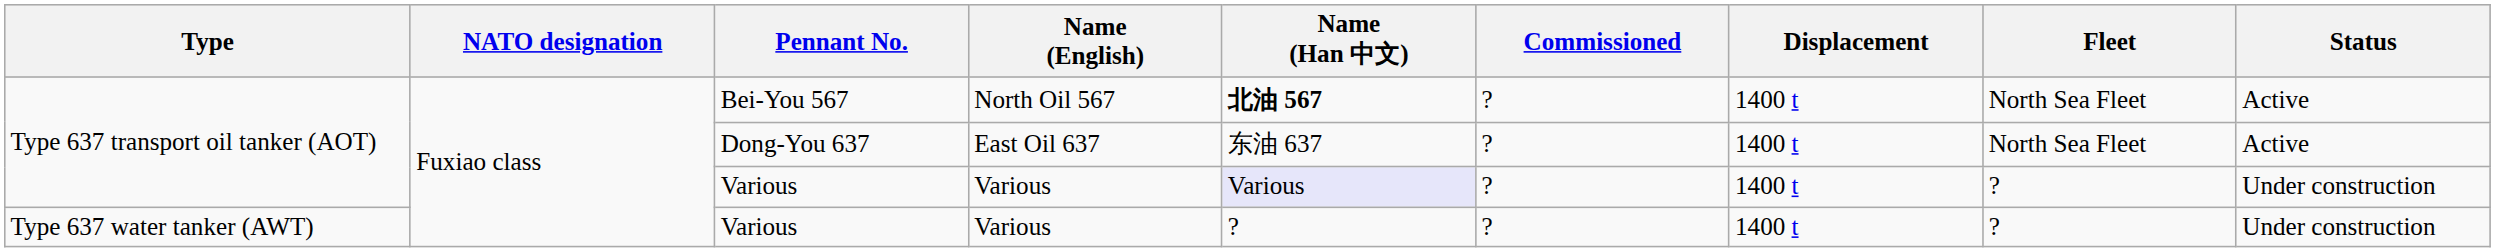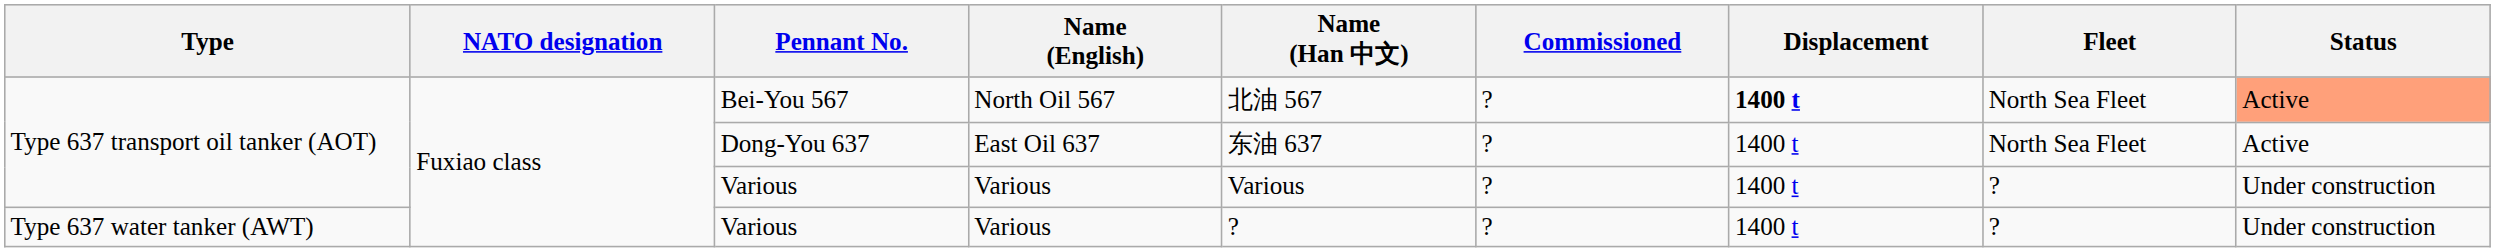 <table class="wikitable sortable"  style="margin:auto; width:100%;">
 <tr>
 <th style="text-align:center; width:16%;">Type</th>
 <th style="text-align:center; width:12%;"><a href='#'>NATO designation</a></th>
 <th style="text-align:center; width:10%;"><a href='#'>Pennant No.</a></th>
 <th style="text-align:center; width:10%;">Name<br>(English)</th>
 <th style="text-align:center; width:10%;">Name<br>(Han 中文)</th>
 <th style="text-align:center; width:10%;"><a href='#'>Commissioned</a></th>
 <th style="text-align:center; width:10%;">Displacement</th>
 <th style="text-align:center; width:10%;">Fleet</th>
 <th style="text-align:center; width:10%;">Status</th>
 </tr>
 <tr>
 <td rowspan="3">Type 637 transport oil tanker (AOT)</td>
 <td rowspan="4">Fuxiao class</td>
 <td>Bei-You 567</td>
 <td>North Oil 567</td>
-<td><strong>北油 567</strong></td>
+<td>北油 567</td>
 <td>?</td>
-<td>1400 <a href='#'>t</a></td>
+<td><strong>1400 <a href='#'>t</a></strong></td>
 <td>North Sea Fleet</td>
-<td><span>Active</span></td>
+<td style="background: lightsalmon;"><span>Active</span></td>
 </tr>
 <tr>
 <td>Dong-You 637</td>
 <td>East Oil 637</td>
 <td>东油 637</td>
 <td>?</td>
 <td>1400 <a href='#'>t</a></td>
 <td>North Sea Fleet</td>
 <td><span>Active</span></td>
 </tr>
 <tr>
 <td>Various</td>
 <td>Various</td>
-<td style="background: lavender;">Various</td>
+<td>Various</td>
 <td>?</td>
 <td>1400 <a href='#'>t</a></td>
 <td>?</td>
 <td><span>Under construction</span></td>
 </tr>
 <tr>
 <td rowspan="1">Type 637 water tanker (AWT)</td>
 <td>Various</td>
 <td>Various</td>
 <td>?</td>
 <td>?</td>
 <td>1400 <a href='#'>t</a></td>
 <td>?</td>
 <td><span>Under construction</span></td>
 </tr>
 </table>
